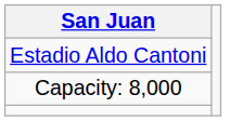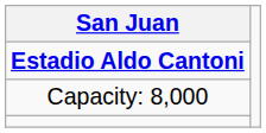 <table class="wikitable" style="text-align:center">
 <tr>
 <th><a href='#'>San Juan</a></th>
 <td rowspan=4></td>
 </tr>
 <tr>
-<td><a href='#'>Estadio Aldo Cantoni</a></td>
+<td><strong><a href='#'>Estadio Aldo Cantoni</a></strong></td>
 </tr>
 <tr>
 <td>Capacity: 8,000</td>
 </tr>
 <tr>
 <td></td>
 </tr>
 </table>
